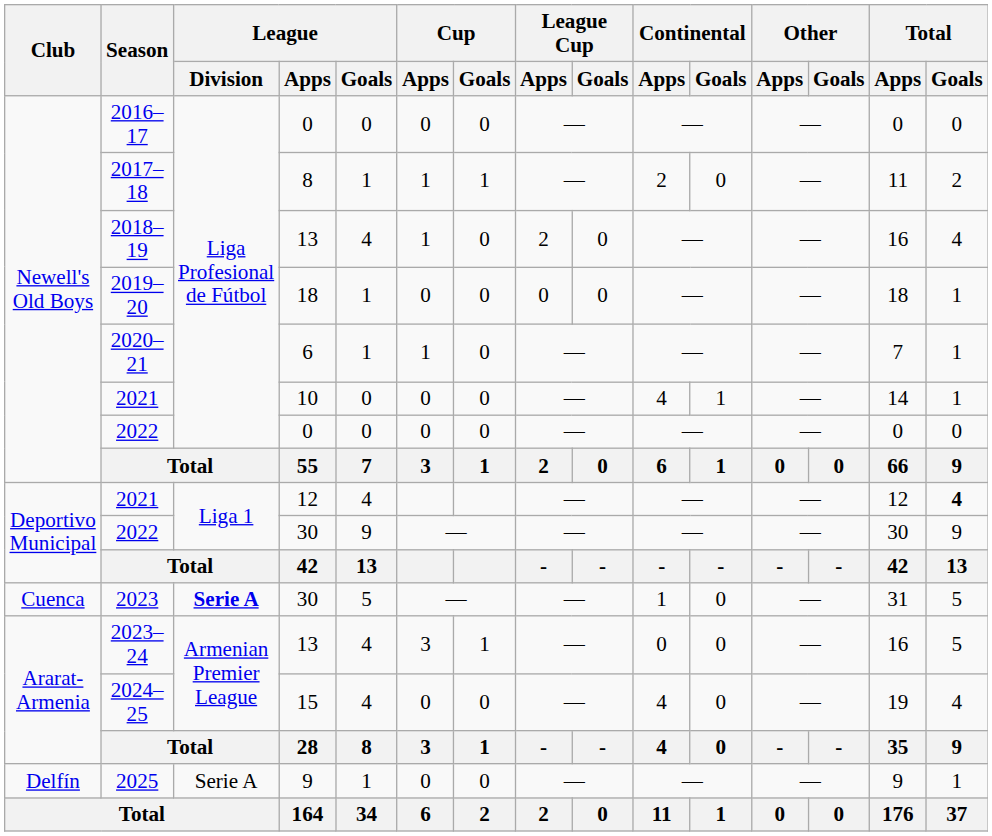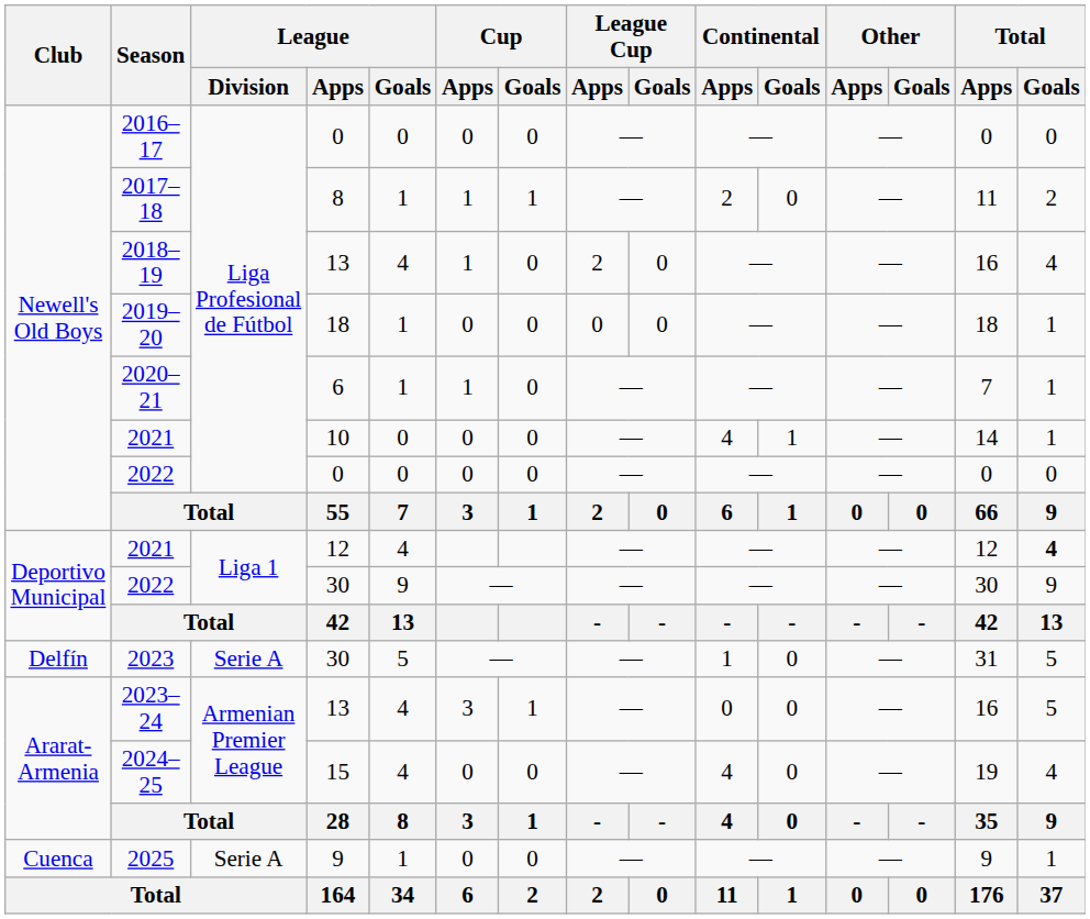 <table class="wikitable" style="text-align:center">
 <tr>
 <th rowspan="2">Club</th>
 <th rowspan="2">Season</th>
 <th colspan="3">League</th>
 <th colspan="2">Cup</th>
 <th colspan="2">League Cup</th>
 <th colspan="2">Continental</th>
 <th colspan="2">Other</th>
 <th colspan="2">Total</th>
 </tr>
 <tr>
 <th>Division</th>
 <th>Apps</th>
 <th>Goals</th>
 <th>Apps</th>
 <th>Goals</th>
 <th>Apps</th>
 <th>Goals</th>
 <th>Apps</th>
 <th>Goals</th>
 <th>Apps</th>
 <th>Goals</th>
 <th>Apps</th>
 <th>Goals</th>
 </tr>
 <tr>
 <td rowspan="8"><a href='#'>Newell's Old Boys</a></td>
 <td><a href='#'>2016–17</a></td>
 <td rowspan="7"><a href='#'>Liga Profesional de Fútbol</a></td>
 <td>0</td>
 <td>0</td>
 <td>0</td>
 <td>0</td>
 <td colspan="2">—</td>
 <td colspan="2">—</td>
 <td colspan="2">—</td>
 <td>0</td>
 <td>0</td>
 </tr>
 <tr>
 <td><a href='#'>2017–18</a></td>
 <td>8</td>
 <td>1</td>
 <td>1</td>
 <td>1</td>
 <td colspan="2">—</td>
 <td>2</td>
 <td>0</td>
 <td colspan="2">—</td>
 <td>11</td>
 <td>2</td>
 </tr>
 <tr>
 <td><a href='#'>2018–19</a></td>
 <td>13</td>
 <td>4</td>
 <td>1</td>
 <td>0</td>
 <td>2</td>
 <td>0</td>
 <td colspan="2">—</td>
 <td colspan="2">—</td>
 <td>16</td>
 <td>4</td>
 </tr>
 <tr>
 <td><a href='#'>2019–20</a></td>
 <td>18</td>
 <td>1</td>
 <td>0</td>
 <td>0</td>
 <td>0</td>
 <td>0</td>
 <td colspan="2">—</td>
 <td colspan="2">—</td>
 <td>18</td>
 <td>1</td>
 </tr>
 <tr>
 <td><a href='#'>2020–21</a></td>
 <td>6</td>
 <td>1</td>
 <td>1</td>
 <td>0</td>
 <td colspan="2">—</td>
 <td colspan="2">—</td>
 <td colspan="2">—</td>
 <td>7</td>
 <td>1</td>
 </tr>
 <tr>
 <td><a href='#'>2021</a></td>
 <td>10</td>
 <td>0</td>
 <td>0</td>
 <td>0</td>
 <td colspan="2">—</td>
 <td>4</td>
 <td>1</td>
 <td colspan="2">—</td>
 <td>14</td>
 <td>1</td>
 </tr>
 <tr>
 <td><a href='#'>2022</a></td>
 <td>0</td>
 <td>0</td>
 <td>0</td>
 <td>0</td>
 <td colspan="2">—</td>
 <td colspan="2">—</td>
 <td colspan="2">—</td>
 <td>0</td>
 <td>0</td>
 </tr>
 <tr>
 <th colspan="2">Total</th>
 <th>55</th>
 <th>7</th>
 <th>3</th>
 <th>1</th>
 <th>2</th>
 <th>0</th>
 <th>6</th>
 <th>1</th>
 <th>0</th>
 <th>0</th>
 <th>66</th>
 <th>9</th>
 </tr>
 <tr>
 <td rowspan="3"><a href='#'>Deportivo Municipal</a></td>
 <td><a href='#'>2021</a></td>
 <td rowspan="2"><a href='#'>Liga 1</a></td>
 <td>12</td>
 <td>4</td>
 <td></td>
 <td></td>
 <td colspan="2">—</td>
 <td colspan="2">—</td>
 <td colspan="2">—</td>
 <td>12</td>
 <td><strong>4</strong></td>
 </tr>
 <tr>
 <td><a href='#'>2022</a></td>
 <td>30</td>
 <td>9</td>
 <td colspan="2">—</td>
 <td colspan="2">—</td>
 <td colspan="2">—</td>
 <td colspan="2">—</td>
 <td>30</td>
 <td>9</td>
 </tr>
 <tr>
 <th colspan="2">Total</th>
 <th>42</th>
 <th>13</th>
 <th></th>
 <th></th>
 <th>-</th>
 <th>-</th>
 <th>-</th>
 <th>-</th>
 <th>-</th>
 <th>-</th>
 <th>42</th>
 <th>13</th>
 </tr>
 <tr>
-<td><a href='#'>Cuenca</a></td>
+<td><a href='#'>Delfín</a></td>
 <td><a href='#'>2023</a></td>
-<td><strong><a href='#'>Serie A</a></strong></td>
+<td><a href='#'>Serie A</a></td>
 <td>30</td>
 <td>5</td>
 <td colspan="2">—</td>
 <td colspan="2">—</td>
 <td>1</td>
 <td>0</td>
 <td colspan="2">—</td>
 <td>31</td>
 <td>5</td>
 </tr>
 <tr>
 <td rowspan="3"><a href='#'>Ararat-Armenia</a></td>
 <td><a href='#'>2023–24</a></td>
 <td rowspan="2"><a href='#'>Armenian Premier League</a></td>
 <td>13</td>
 <td>4</td>
 <td>3</td>
 <td>1</td>
 <td colspan="2">—</td>
 <td>0</td>
 <td>0</td>
 <td colspan="2">—</td>
 <td>16</td>
 <td>5</td>
 </tr>
 <tr>
 <td><a href='#'>2024–25</a></td>
 <td>15</td>
 <td>4</td>
 <td>0</td>
 <td>0</td>
 <td colspan="2">—</td>
 <td>4</td>
 <td>0</td>
 <td colspan="2">—</td>
 <td>19</td>
 <td>4</td>
 </tr>
 <tr>
 <th colspan="2">Total</th>
 <th>28</th>
 <th>8</th>
 <th>3</th>
 <th>1</th>
 <th>-</th>
 <th>-</th>
 <th>4</th>
 <th>0</th>
 <th>-</th>
 <th>-</th>
 <th>35</th>
 <th>9</th>
 </tr>
 <tr>
-<td><a href='#'>Delfín</a></td>
+<td><a href='#'>Cuenca</a></td>
 <td><a href='#'>2025</a></td>
 <td>Serie A</td>
 <td>9</td>
 <td>1</td>
 <td>0</td>
 <td>0</td>
 <td colspan="2">—</td>
 <td colspan="2">—</td>
 <td colspan="2">—</td>
 <td>9</td>
 <td>1</td>
 </tr>
 <tr>
 <th colspan="3">Total</th>
 <th>164</th>
 <th>34</th>
 <th>6</th>
 <th>2</th>
 <th>2</th>
 <th>0</th>
 <th>11</th>
 <th>1</th>
 <th>0</th>
 <th>0</th>
 <th>176</th>
 <th>37</th>
 </tr>
 </table>
